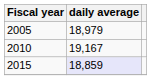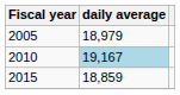 <table class="wikitable">
 <tr>
 <th>Fiscal year</th>
 <th>daily average</th>
 <th></th>
 </tr>
 <tr>
 <td>2005</td>
 <td>18,979</td>
 <td></td>
 </tr>
 <tr>
 <td>2010</td>
-<td>19,167</td>
+<td style="background: lightblue;">19,167</td>
 <td></td>
 </tr>
 <tr>
 <td>2015</td>
-<td style="background: lavender;">18,859</td>
+<td>18,859</td>
 <td></td>
 </tr>
 <tr>
 </tr>
 </table>
